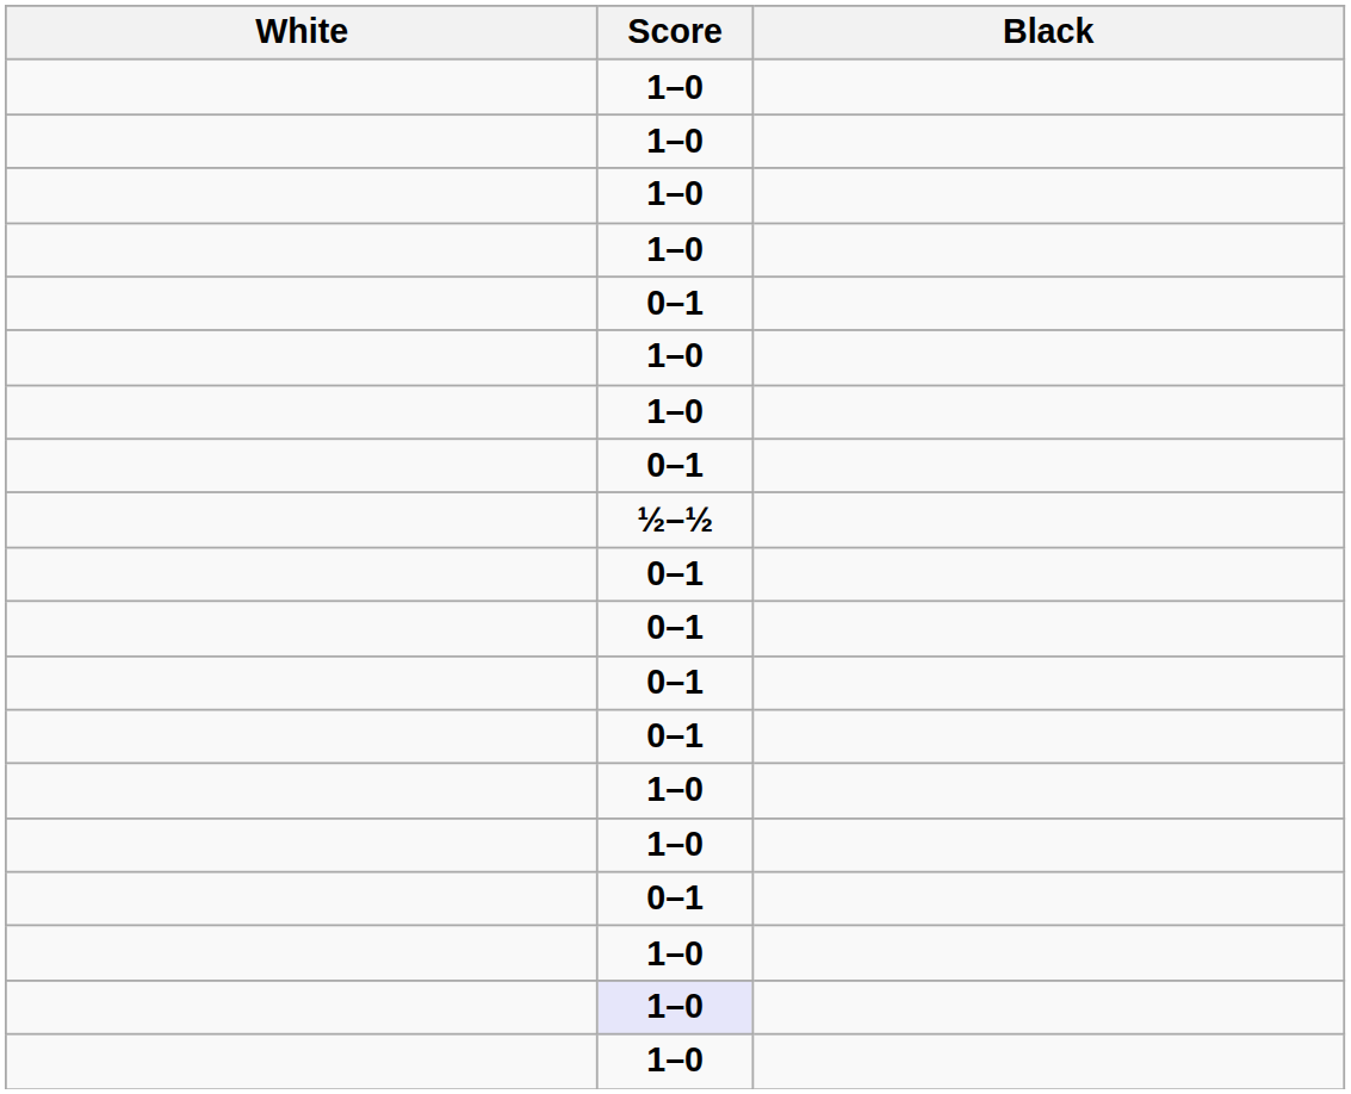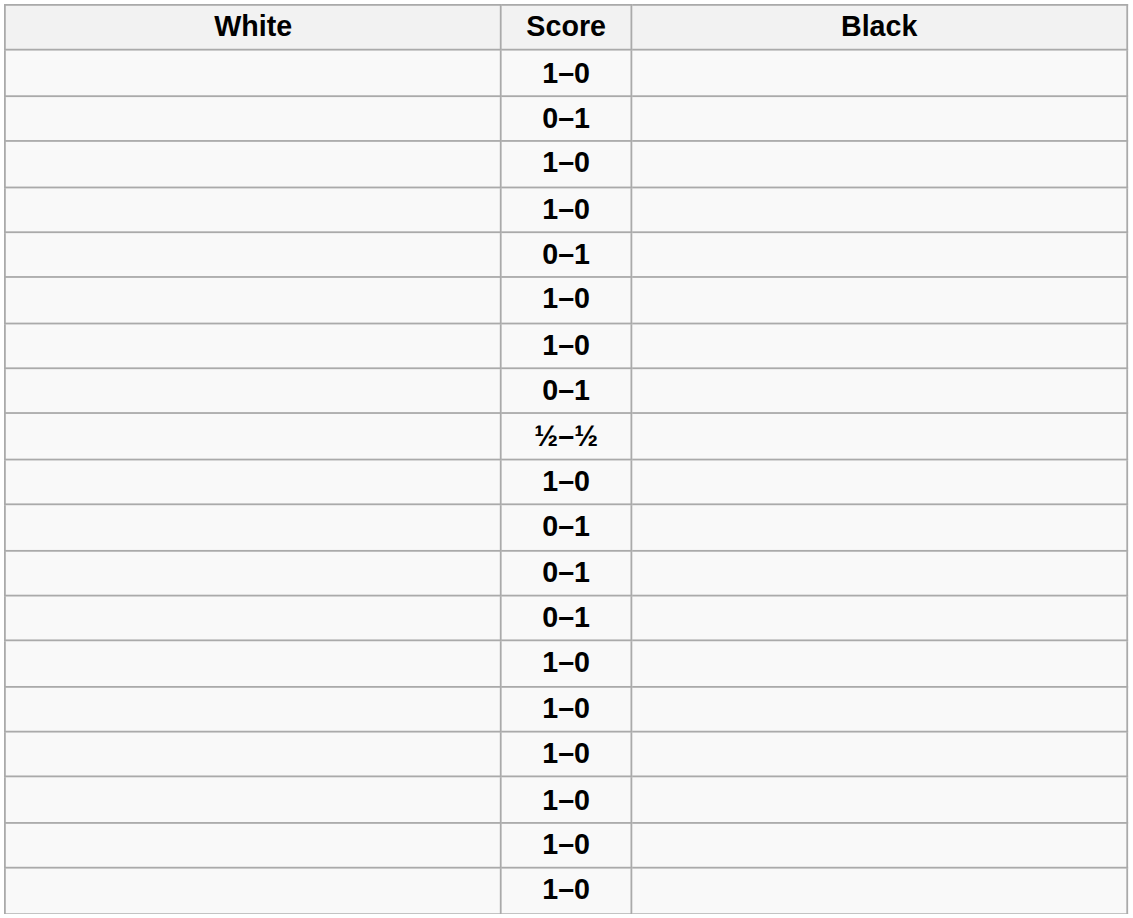 <table class="wikitable" style="text-align: center;">
 <tr>
 <th align="right" width="270">White</th>
 <th width="65">Score</th>
 <th align="left" width="270">Black</th>
 </tr>
 <tr>
 <td align=left><strong></strong></td>
 <td align=center><strong>1–0</strong></td>
 <td align=left></td>
 </tr>
 <tr>
 <td align=left><strong></strong></td>
-<td align=center><strong>1–0</strong></td>
+<td align=center><strong>0–1</strong></td>
 <td align=left></td>
 </tr>
 <tr>
 <td align=left></td>
 <td align=center><strong>1–0</strong></td>
 <td align=left></td>
 </tr>
 <tr>
 <td align=left><strong></strong></td>
 <td align=center><strong>1–0</strong></td>
 <td align=left></td>
 </tr>
 <tr>
 <td align=left></td>
 <td align=center><strong>0–1</strong></td>
 <td align=left><strong></strong></td>
 </tr>
 <tr>
 <td align=left><strong></strong></td>
 <td align=center><strong>1–0</strong></td>
 <td align=left></td>
 </tr>
 <tr>
 <td align=left><strong></strong></td>
 <td align=center><strong>1–0</strong></td>
 <td align=left></td>
 </tr>
 <tr>
 <td align=left><strong></strong></td>
 <td align=center><strong>0–1</strong></td>
 <td align=left></td>
 </tr>
 <tr>
 <td align=left><strong></strong></td>
 <td align=center><strong>½–½</strong></td>
 <td align=left></td>
 </tr>
 <tr>
 <td align=left></td>
-<td align=center><strong>0–1</strong></td>
+<td align=center><strong>1–0</strong></td>
 <td align=left><strong></strong></td>
 </tr>
 <tr>
 <td align=left></td>
 <td align=center><strong>0–1</strong></td>
 <td align=left><strong></strong></td>
 </tr>
 <tr>
 <td align=left></td>
 <td align=center><strong>0–1</strong></td>
 <td align=left><strong></strong></td>
 </tr>
 <tr>
 <td align=left></td>
 <td align=center><strong>0–1</strong></td>
 <td align=left><strong></strong></td>
 </tr>
 <tr>
 <td align=left></td>
 <td align=center><strong>1–0</strong></td>
 <td align=left></td>
 </tr>
 <tr>
 <td align=left><strong></strong></td>
 <td align=center><strong>1–0</strong></td>
 <td align=left></td>
 </tr>
 <tr>
 <td align=left><strong></strong></td>
-<td align=center><strong>0–1</strong></td>
+<td align=center><strong>1–0</strong></td>
 <td align=left></td>
 </tr>
 <tr>
 <td align=left><strong></strong></td>
 <td align=center><strong>1–0</strong></td>
 <td align=left></td>
 </tr>
 <tr>
 <td align=left><strong></strong></td>
-<td align=center style="background: lavender;"><strong>1–0</strong></td>
+<td align=center><strong>1–0</strong></td>
 <td align=left></td>
 </tr>
 <tr>
 <td align=left><strong></strong></td>
 <td align=center><strong>1–0</strong></td>
 <td align=left></td>
 </tr>
 </table>
